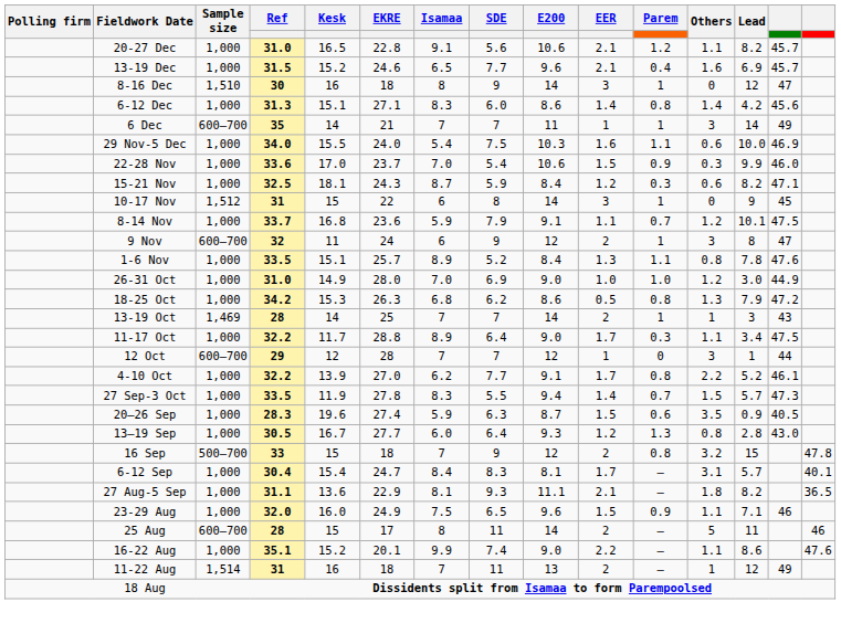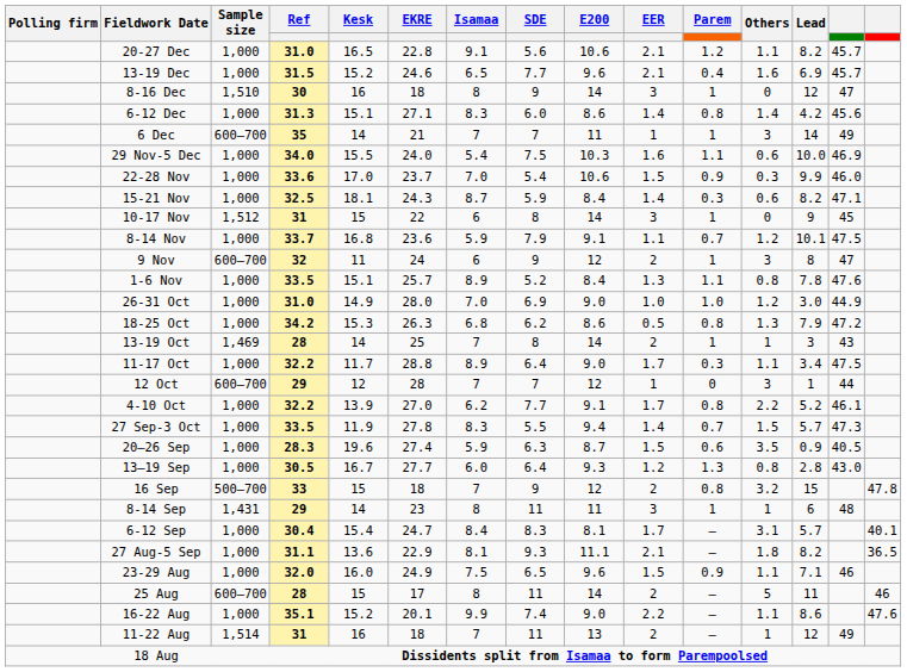 <table class="wikitable sortable mw-datatable" style="text-align:center;font-size:90%;line-height:14px;">
 <tr>
 <th rowspan="2">Polling firm</th>
 <th rowspan="2">Fieldwork Date</th>
 <th rowspan="2" data-sort-type="number">Sample<br>size</th>
 <th class="unsortable" style="width:50px;"><a href='#'>Ref</a></th>
 <th class="unsortable" style="width:50px;"><a href='#'>Kesk</a></th>
 <th class="unsortable" style="width:50px;"><a href='#'>EKRE</a></th>
 <th class="unsortable" style="width:50px;"><a href='#'>Isamaa</a></th>
 <th class="unsortable" style="width:50px;"><a href='#'>SDE</a></th>
 <th class="unsortable" style="width:50px;"><a href='#'>E200</a></th>
 <th class="unsortable" style="width:50px;"><a href='#'>EER</a></th>
 <th class="unsortable" style="width:50px;"><a href='#'>Parem</a></th>
 <th rowspan="2" class="unsortable">Others</th>
 <th rowspan="2" data-sort-type="number">Lead</th>
 <th class="unsortable" style="width:20px;"></th>
 <th class="unsortable" style="width:20px;"></th>
 </tr>
 <tr style="text-align:center;">
 <th data-sort-type="number" style="background:"></th>
 <th data-sort-type="number" style="background:"></th>
 <th data-sort-type="number" style="background:"></th>
 <th data-sort-type="number" style="background:"></th>
 <th data-sort-type="number" style="background:"></th>
 <th data-sort-type="number" style="background:"></th>
 <th data-sort-type="number" style="background:"></th>
 <th data-sort-type="number" class="unsortable" style="background-color: #FA6100"></th>
 <th data-sort-type="number" style="background:Green;"></th>
 <th data-sort-type="number" style="background:Red;"></th>
 </tr>
 <tr>
 <td></td>
 <td>20-27 Dec</td>
 <td>1,000</td>
 <td style="background:#FEF4AE"><strong>31.0</strong></td>
 <td>16.5</td>
 <td>22.8</td>
 <td>9.1</td>
 <td>5.6</td>
 <td>10.6</td>
 <td>2.1</td>
 <td>1.2</td>
 <td>1.1</td>
 <td style="background:">8.2</td>
 <td>45.7</td>
 <td></td>
 </tr>
 <tr>
 <td></td>
 <td>13-19 Dec</td>
 <td>1,000</td>
 <td style="background:#FEF4AE"><strong>31.5</strong></td>
 <td>15.2</td>
 <td>24.6</td>
 <td>6.5</td>
 <td>7.7</td>
 <td>9.6</td>
 <td>2.1</td>
 <td>0.4</td>
 <td>1.6</td>
 <td style="background:">6.9</td>
 <td>45.7</td>
 <td></td>
 </tr>
 <tr>
 <td></td>
 <td>8-16 Dec</td>
 <td>1,510</td>
 <td style="background:#FEF4AE"><strong>30</strong></td>
 <td>16</td>
 <td>18</td>
 <td>8</td>
 <td>9</td>
 <td>14</td>
 <td>3</td>
 <td>1</td>
 <td>0</td>
 <td style="background:">12</td>
 <td>47</td>
 <td></td>
 </tr>
 <tr>
 <td></td>
 <td>6-12 Dec</td>
 <td>1,000</td>
 <td style="background:#FEF4AE"><strong>31.3</strong></td>
 <td>15.1</td>
 <td>27.1</td>
 <td>8.3</td>
 <td>6.0</td>
 <td>8.6</td>
 <td>1.4</td>
 <td>0.8</td>
 <td>1.4</td>
 <td style="background:">4.2</td>
 <td>45.6</td>
 <td></td>
 </tr>
 <tr>
 <td></td>
 <td>6 Dec</td>
 <td>600–700</td>
 <td style="background:#FEF4AE"><strong>35</strong></td>
 <td>14</td>
 <td>21</td>
 <td>7</td>
 <td>7</td>
 <td>11</td>
 <td>1</td>
 <td>1</td>
 <td>3</td>
 <td style="background:">14</td>
 <td>49</td>
 <td></td>
 </tr>
 <tr>
 <td></td>
 <td>29 Nov-5 Dec</td>
 <td>1,000</td>
 <td style="background:#FEF4AE"><strong>34.0</strong></td>
 <td>15.5</td>
 <td>24.0</td>
 <td>5.4</td>
 <td>7.5</td>
 <td>10.3</td>
 <td>1.6</td>
 <td>1.1</td>
 <td>0.6</td>
 <td style="background:">10.0</td>
 <td>46.9</td>
 <td></td>
 </tr>
 <tr>
 <td></td>
 <td>22-28 Nov</td>
 <td>1,000</td>
 <td style="background:#FEF4AE"><strong>33.6</strong></td>
 <td>17.0</td>
 <td>23.7</td>
 <td>7.0</td>
 <td>5.4</td>
 <td>10.6</td>
 <td>1.5</td>
 <td>0.9</td>
 <td>0.3</td>
 <td style="background:">9.9</td>
 <td>46.0</td>
 <td></td>
 </tr>
 <tr>
 <td></td>
 <td>15-21 Nov</td>
 <td>1,000</td>
 <td style="background:#FEF4AE"><strong>32.5</strong></td>
 <td>18.1</td>
 <td>24.3</td>
 <td>8.7</td>
 <td>5.9</td>
 <td>8.4</td>
-<td>1.2</td>
+<td>1.4</td>
 <td>0.3</td>
 <td>0.6</td>
 <td style="background:">8.2</td>
 <td>47.1</td>
 <td></td>
 </tr>
 <tr>
 <td></td>
 <td>10-17 Nov</td>
 <td>1,512</td>
 <td style="background:#FEF4AE"><strong>31</strong></td>
 <td>15</td>
 <td>22</td>
 <td>6</td>
 <td>8</td>
 <td>14</td>
 <td>3</td>
 <td>1</td>
 <td>0</td>
 <td style="background:">9</td>
 <td>45</td>
 <td></td>
 </tr>
 <tr>
 <td></td>
 <td>8-14 Nov</td>
 <td>1,000</td>
 <td style="background:#FEF4AE"><strong>33.7</strong></td>
 <td>16.8</td>
 <td>23.6</td>
 <td>5.9</td>
 <td>7.9</td>
 <td>9.1</td>
 <td>1.1</td>
 <td>0.7</td>
 <td>1.2</td>
 <td style="background:">10.1</td>
 <td>47.5</td>
 <td></td>
 </tr>
 <tr>
 <td></td>
 <td>9 Nov</td>
 <td>600–700</td>
 <td style="background:#FEF4AE"><strong>32</strong></td>
 <td>11</td>
 <td>24</td>
 <td>6</td>
 <td>9</td>
 <td>12</td>
 <td>2</td>
 <td>1</td>
 <td>3</td>
 <td style="background:">8</td>
 <td>47</td>
 <td></td>
 </tr>
 <tr>
 <td></td>
 <td>1-6 Nov</td>
 <td>1,000</td>
 <td style="background:#FEF4AE"><strong>33.5</strong></td>
 <td>15.1</td>
 <td>25.7</td>
 <td>8.9</td>
 <td>5.2</td>
 <td>8.4</td>
 <td>1.3</td>
 <td>1.1</td>
 <td>0.8</td>
 <td style="background:">7.8</td>
 <td>47.6</td>
 <td></td>
 </tr>
 <tr>
 <td></td>
 <td>26-31 Oct</td>
 <td>1,000</td>
 <td style="background:#FEF4AE"><strong>31.0</strong></td>
 <td>14.9</td>
 <td>28.0</td>
 <td>7.0</td>
 <td>6.9</td>
 <td>9.0</td>
 <td>1.0</td>
 <td>1.0</td>
 <td>1.2</td>
 <td style="background:">3.0</td>
 <td>44.9</td>
 <td></td>
 </tr>
 <tr>
 <td></td>
 <td>18-25 Oct</td>
 <td>1,000</td>
 <td style="background:#FEF4AE"><strong>34.2</strong></td>
 <td>15.3</td>
 <td>26.3</td>
 <td>6.8</td>
 <td>6.2</td>
 <td>8.6</td>
 <td>0.5</td>
 <td>0.8</td>
 <td>1.3</td>
 <td style="background:">7.9</td>
 <td>47.2</td>
 <td></td>
 </tr>
 <tr>
 <td></td>
 <td>13-19 Oct</td>
 <td>1,469</td>
 <td style="background:#FEF4AE"><strong>28</strong></td>
 <td>14</td>
 <td>25</td>
 <td>7</td>
-<td>7</td>
+<td>8</td>
 <td>14</td>
 <td>2</td>
 <td>1</td>
 <td>1</td>
 <td style="background:">3</td>
 <td>43</td>
 <td></td>
 </tr>
 <tr>
 <td></td>
 <td>11-17 Oct</td>
 <td>1,000</td>
 <td style="background:#FEF4AE"><strong>32.2</strong></td>
 <td>11.7</td>
 <td>28.8</td>
 <td>8.9</td>
 <td>6.4</td>
 <td>9.0</td>
 <td>1.7</td>
 <td>0.3</td>
 <td>1.1</td>
 <td style="background:">3.4</td>
 <td>47.5</td>
 <td></td>
 </tr>
 <tr>
 <td></td>
 <td>12 Oct</td>
 <td>600–700</td>
 <td style="background:#FEF4AE"><strong>29</strong></td>
 <td>12</td>
 <td>28</td>
 <td>7</td>
 <td>7</td>
 <td>12</td>
 <td>1</td>
 <td>0</td>
 <td>3</td>
 <td style="background:">1</td>
 <td>44</td>
 <td></td>
 </tr>
 <tr>
 <td></td>
 <td>4-10 Oct</td>
 <td>1,000</td>
 <td style="background:#FEF4AE"><strong>32.2</strong></td>
 <td>13.9</td>
 <td>27.0</td>
 <td>6.2</td>
 <td>7.7</td>
 <td>9.1</td>
 <td>1.7</td>
 <td>0.8</td>
 <td>2.2</td>
 <td style="background:">5.2</td>
 <td>46.1</td>
 <td></td>
 </tr>
 <tr>
 <td></td>
 <td>27 Sep-3 Oct</td>
 <td>1,000</td>
 <td style="background:#FEF4AE"><strong>33.5</strong></td>
 <td>11.9</td>
 <td>27.8</td>
 <td>8.3</td>
 <td>5.5</td>
 <td>9.4</td>
 <td>1.4</td>
 <td>0.7</td>
 <td>1.5</td>
 <td style="background:">5.7</td>
 <td>47.3</td>
 <td></td>
 </tr>
 <tr>
 <td></td>
 <td>20–26 Sep</td>
 <td>1,000</td>
 <td style="background:#FEF4AE"><strong>28.3</strong></td>
 <td>19.6</td>
 <td>27.4</td>
 <td>5.9</td>
 <td>6.3</td>
 <td>8.7</td>
 <td>1.5</td>
 <td>0.6</td>
 <td>3.5</td>
 <td style="background:">0.9</td>
 <td>40.5</td>
 <td></td>
 </tr>
 <tr>
 <td></td>
 <td>13–19 Sep</td>
 <td>1,000</td>
 <td style="background:#FEF4AE"><strong>30.5</strong></td>
 <td>16.7</td>
 <td>27.7</td>
 <td>6.0</td>
 <td>6.4</td>
 <td>9.3</td>
 <td>1.2</td>
 <td>1.3</td>
 <td>0.8</td>
 <td style="background:">2.8</td>
 <td>43.0</td>
 <td></td>
 </tr>
 <tr>
 <td></td>
 <td>16 Sep</td>
 <td>500–700</td>
 <td style="background:#FEF4AE"><strong>33</strong></td>
 <td>15</td>
 <td>18</td>
 <td>7</td>
 <td>9</td>
 <td>12</td>
 <td>2</td>
 <td>0.8</td>
 <td>3.2</td>
 <td style="background:">15</td>
 <td></td>
 <td>47.8</td>
 </tr>
 <tr>
 <td></td>
+<td>8-14 Sep</td>
+<td>1,431</td>
+<td style="background:#FEF4AE"><strong>29</strong></td>
+<td>14</td>
+<td>23</td>
+<td>8</td>
+<td>11</td>
+<td>11</td>
+<td>3</td>
+<td>1</td>
+<td>1</td>
+<td style="background:">6</td>
+<td>48</td>
+<td></td>
+</tr>
+<tr>
+<td></td>
 <td>6-12 Sep</td>
 <td>1,000</td>
 <td style="background:#FEF4AE"><strong>30.4</strong></td>
 <td>15.4</td>
 <td>24.7</td>
 <td>8.4</td>
 <td>8.3</td>
 <td>8.1</td>
 <td>1.7</td>
 <td>—</td>
 <td>3.1</td>
 <td style="background:">5.7</td>
 <td></td>
 <td>40.1</td>
 </tr>
 <tr>
 <td></td>
 <td>27 Aug-5 Sep</td>
 <td>1,000</td>
 <td style="background:#FEF4AE"><strong>31.1</strong></td>
 <td>13.6</td>
 <td>22.9</td>
 <td>8.1</td>
 <td>9.3</td>
 <td>11.1</td>
 <td>2.1</td>
 <td>—</td>
 <td>1.8</td>
 <td style="background:">8.2</td>
 <td></td>
 <td>36.5</td>
 </tr>
 <tr>
 <td></td>
 <td>23-29 Aug</td>
 <td>1,000</td>
 <td style="background:#FEF4AE"><strong>32.0</strong></td>
 <td>16.0</td>
 <td>24.9</td>
 <td>7.5</td>
 <td>6.5</td>
 <td>9.6</td>
 <td>1.5</td>
 <td>0.9</td>
 <td>1.1</td>
 <td style="background:">7.1</td>
 <td>46</td>
 <td></td>
 </tr>
 <tr>
 <td></td>
 <td>25 Aug</td>
 <td>600–700</td>
 <td style="background:#FEF4AE"><strong>28</strong></td>
 <td>15</td>
 <td>17</td>
 <td>8</td>
 <td>11</td>
 <td>14</td>
 <td>2</td>
 <td>—</td>
 <td>5</td>
 <td style="background:">11</td>
 <td></td>
 <td>46</td>
 </tr>
 <tr>
 <td></td>
 <td>16-22 Aug</td>
 <td>1,000</td>
 <td style="background:#FEF4AE"><strong>35.1</strong></td>
 <td>15.2</td>
 <td>20.1</td>
 <td>9.9</td>
 <td>7.4</td>
 <td>9.0</td>
 <td>2.2</td>
 <td>—</td>
 <td>1.1</td>
 <td style="background:">8.6</td>
 <td></td>
 <td>47.6</td>
 </tr>
 <tr>
 <td></td>
 <td>11-22 Aug</td>
 <td>1,514</td>
 <td style="background:#FEF4AE"><strong>31</strong></td>
 <td>16</td>
 <td>18</td>
 <td>7</td>
 <td>11</td>
 <td>13</td>
 <td>2</td>
 <td>—</td>
 <td>1</td>
 <td style="background:">12</td>
 <td>49</td>
 <td></td>
 </tr>
 <tr>
 <td style="border-right-style:hidden;"></td>
 <td style="border-right-style:hidden;">18 Aug</td>
 <td style="border-right-style:hidden;"></td>
 <td colspan="12"><strong>Dissidents split from <a href='#'>Isamaa</a> to form <a href='#'>Parempoolsed</a></strong></td>
 </tr>
 </table>
